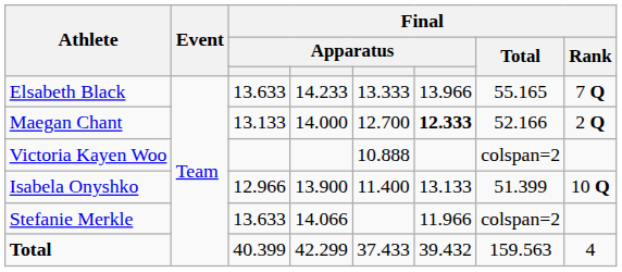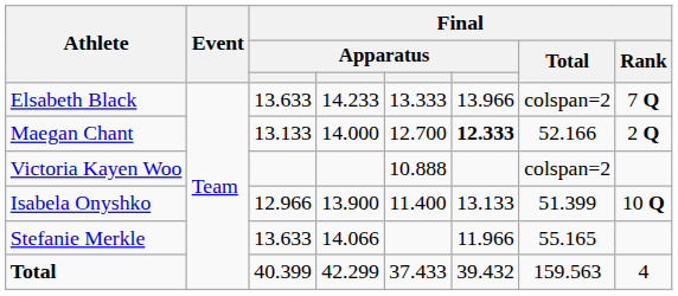 <table class="wikitable" style="font-size:90%">
 <tr>
 <th rowspan=3>Athlete</th>
 <th rowspan=3>Event</th>
 <th colspan=6>Final</th>
 </tr>
 <tr style="font-size:95%">
 <th colspan=4>Apparatus</th>
 <th rowspan=2>Total</th>
 <th rowspan=2>Rank</th>
 </tr>
 <tr style="font-size:95%">
 <th></th>
 <th></th>
 <th></th>
 <th></th>
 </tr>
 <tr align=center>
 <td align=left><a href='#'>Elsabeth Black</a></td>
 <td align=left rowspan=6><a href='#'>Team</a></td>
 <td>13.633</td>
 <td>14.233</td>
 <td>13.333</td>
 <td>13.966</td>
-<td>55.165</td>
+<td>colspan=2 </td>
 <td>7 <strong>Q</strong></td>
 </tr>
 <tr align=center>
 <td align=left><a href='#'>Maegan Chant</a></td>
 <td>13.133</td>
 <td>14.000</td>
 <td>12.700</td>
 <td><strong>12.333</strong></td>
 <td>52.166</td>
 <td>2 <strong>Q</strong></td>
 </tr>
 <tr align=center>
 <td align=left><a href='#'>Victoria Kayen Woo</a></td>
 <td></td>
 <td></td>
 <td>10.888</td>
 <td></td>
 <td>colspan=2 </td>
 </tr>
 <tr align=center>
 <td align=left><a href='#'>Isabela Onyshko</a></td>
 <td>12.966</td>
 <td>13.900</td>
 <td>11.400</td>
 <td>13.133</td>
 <td>51.399</td>
 <td>10 <strong>Q</strong></td>
 </tr>
 <tr align=center>
 <td align=left><a href='#'>Stefanie Merkle</a></td>
 <td>13.633</td>
 <td>14.066</td>
 <td></td>
 <td>11.966</td>
-<td>colspan=2 </td>
+<td>55.165</td>
 </tr>
 <tr align=center>
 <td align=left><strong>Total</strong></td>
 <td>40.399</td>
 <td>42.299</td>
 <td>37.433</td>
 <td>39.432</td>
 <td>159.563</td>
 <td>4</td>
 </tr>
 </table>
